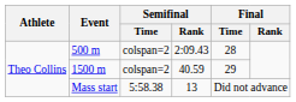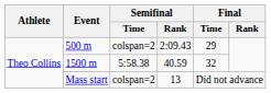 <table class="wikitable" style="font-size:90%">
 <tr>
 <th rowspan=2>Athlete</th>
 <th rowspan=2>Event</th>
 <th colspan=2>Semifinal</th>
 <th colspan=2>Final</th>
 </tr>
 <tr style="font-size:95%">
 <th>Time</th>
 <th>Rank</th>
 <th>Time</th>
 <th>Rank</th>
 </tr>
 <tr align=center>
 <td align=left rowspan=3><a href='#'>Theo Collins</a></td>
 <td align=left><a href='#'>500 m</a></td>
 <td>colspan=2 </td>
 <td>2:09.43</td>
-<td>28</td>
+<td>29</td>
 </tr>
 <tr align=center>
 <td align=left><a href='#'>1500 m</a></td>
-<td>colspan=2 </td>
+<td>5:58.38</td>
 <td>40.59</td>
-<td>29</td>
+<td>32</td>
 </tr>
 <tr align=center>
 <td align=left><a href='#'>Mass start</a></td>
-<td>5:58.38</td>
+<td>colspan=2 </td>
 <td>13</td>
 <td colspan=2>Did not advance</td>
 </tr>
 </table>
